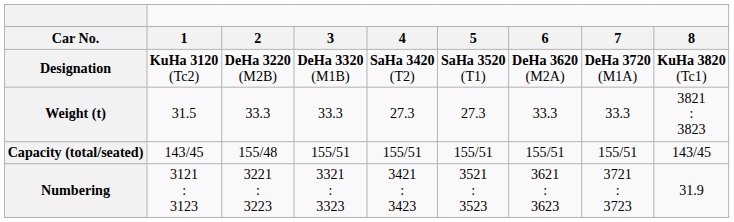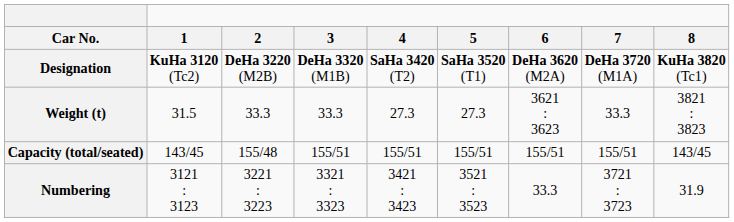 <table class="wikitable" style="text-align:center;">
 <tr style="border-bottom: 4px solid #">
 <th> </th>
 <td colspan="8"> </td>
 </tr>
 <tr>
 <th>Car No.</th>
 <th>1</th>
 <th>2</th>
 <th>3</th>
 <th>4</th>
 <th>5</th>
 <th>6</th>
 <th>7</th>
 <th>8</th>
 </tr>
 <tr>
 <th>Designation</th>
 <td><strong>KuHa 3120</strong><br>(Tc2)</td>
 <td><strong>DeHa 3220</strong><br>(M2B)</td>
 <td><strong>DeHa 3320</strong><br>(M1B)</td>
 <td><strong>SaHa 3420</strong><br>(T2)</td>
 <td><strong>SaHa 3520</strong><br>(T1)</td>
 <td><strong>DeHa 3620</strong><br>(M2A)</td>
 <td><strong>DeHa 3720</strong><br>(M1A)</td>
 <td><strong>KuHa 3820</strong><br>(Tc1)</td>
 </tr>
 <tr>
 <th>Weight (t)</th>
 <td>31.5</td>
 <td>33.3</td>
 <td>33.3</td>
 <td>27.3</td>
 <td>27.3</td>
-<td>33.3</td>
+<td>3621<br>:<br>3623</td>
 <td>33.3</td>
 <td>3821<br>:<br>3823</td>
 </tr>
 <tr>
 <th>Capacity (total/seated)</th>
 <td>143/45</td>
 <td>155/48</td>
 <td>155/51</td>
 <td>155/51</td>
 <td>155/51</td>
 <td>155/51</td>
 <td>155/51</td>
 <td>143/45</td>
 </tr>
 <tr>
 <th>Numbering</th>
 <td>3121<br>:<br>3123</td>
 <td>3221<br>:<br>3223</td>
 <td>3321<br>:<br>3323</td>
 <td>3421<br>:<br>3423</td>
 <td>3521<br>:<br>3523</td>
-<td>3621<br>:<br>3623</td>
+<td>33.3</td>
 <td>3721<br>:<br>3723</td>
 <td>31.9</td>
 </tr>
 </table>
